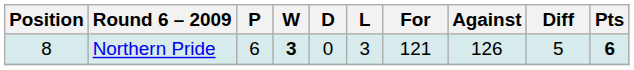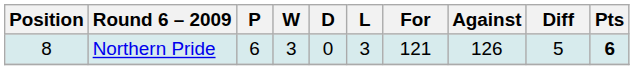 <table class="wikitable" style="text-align:center; font-size:85%;">
 <tr>
 <th width=40 abbr="Position">Position</th>
 <th width=100>Round 6 – 2009</th>
 <th width=20 abbr="Played">P</th>
 <th width=20 abbr="Won">W</th>
 <th width=20 abbr="Drawn">D</th>
 <th width=20 abbr="Lost">L</th>
 <th width=40 abbr="Points for">For</th>
 <th width=40 abbr="Points against">Against</th>
 <th width=40 abbr="Points difference">Diff</th>
 <th width=20 abbr="Points">Pts</th>
 </tr>
 <tr style="background: #d7ebed;">
 <td>8</td>
 <td style="text-align:left;"> <a href='#'>Northern Pride</a></td>
 <td>6</td>
-<td><strong>3</strong></td>
+<td>3</td>
 <td>0</td>
 <td>3</td>
 <td>121</td>
 <td>126</td>
 <td>5</td>
 <td><strong>6</strong></td>
 </tr>
 <tr>
 </tr>
 </table>
